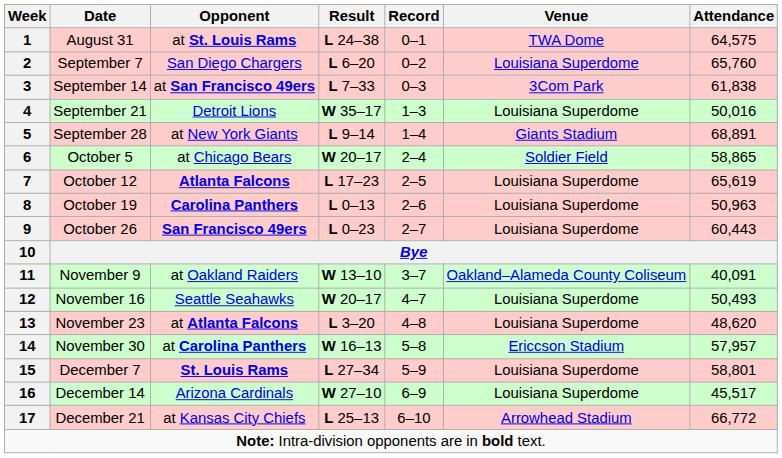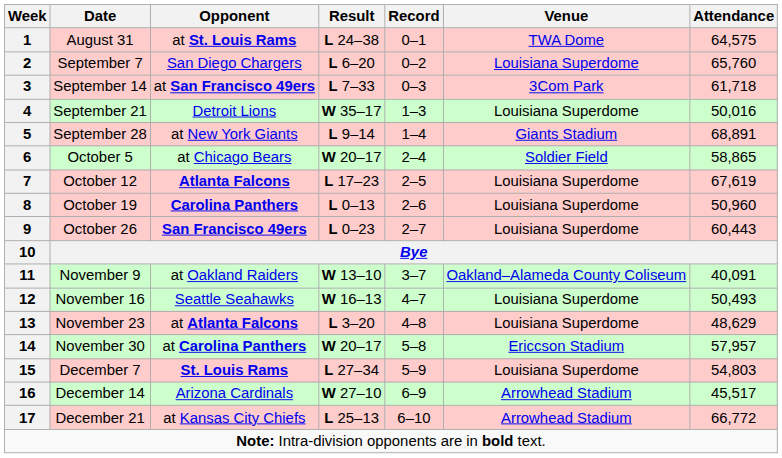 <table class="wikitable"  style="text-align: center;">
 <tr>
 <th>Week</th>
 <th>Date</th>
 <th>Opponent</th>
 <th>Result</th>
 <th>Record</th>
 <th>Venue</th>
 <th>Attendance</th>
 </tr>
 <tr style="background:#fcc">
 <th>1</th>
 <td>August 31</td>
 <td>at <strong><a href='#'>St. Louis Rams</a></strong></td>
 <td><strong>L</strong> 24–38</td>
 <td>0–1</td>
 <td><a href='#'>TWA Dome</a></td>
 <td>64,575</td>
 </tr>
 <tr style="background:#fcc">
 <th>2</th>
 <td>September 7</td>
 <td><a href='#'>San Diego Chargers</a></td>
 <td><strong>L</strong> 6–20</td>
 <td>0–2</td>
 <td><a href='#'>Louisiana Superdome</a></td>
 <td>65,760</td>
 </tr>
 <tr style="background:#fcc">
 <th>3</th>
 <td>September 14</td>
 <td>at <strong><a href='#'>San Francisco 49ers</a></strong></td>
 <td><strong>L</strong> 7–33</td>
 <td>0–3</td>
 <td><a href='#'>3Com Park</a></td>
-<td>61,838</td>
+<td>61,718</td>
 </tr>
 <tr style="background:#cfc">
 <th>4</th>
 <td>September 21</td>
 <td><a href='#'>Detroit Lions</a></td>
 <td><strong>W</strong> 35–17</td>
 <td>1–3</td>
 <td>Louisiana Superdome</td>
 <td>50,016</td>
 </tr>
 <tr style="background:#fcc">
 <th>5</th>
 <td>September 28</td>
 <td>at <a href='#'>New York Giants</a></td>
 <td><strong>L</strong> 9–14</td>
 <td>1–4</td>
 <td><a href='#'>Giants Stadium</a></td>
 <td>68,891</td>
 </tr>
 <tr style="background:#cfc">
 <th>6</th>
 <td>October 5</td>
 <td>at <a href='#'>Chicago Bears</a></td>
 <td><strong>W</strong> 20–17</td>
 <td>2–4</td>
 <td><a href='#'>Soldier Field</a></td>
 <td>58,865</td>
 </tr>
 <tr style="background:#fcc">
 <th>7</th>
 <td>October 12</td>
 <td><strong><a href='#'>Atlanta Falcons</a></strong></td>
 <td><strong>L</strong> 17–23</td>
 <td>2–5</td>
 <td>Louisiana Superdome</td>
-<td>65,619</td>
+<td>67,619</td>
 </tr>
 <tr style="background:#fcc">
 <th>8</th>
 <td>October 19</td>
 <td><strong><a href='#'>Carolina Panthers</a></strong></td>
 <td><strong>L</strong> 0–13</td>
 <td>2–6</td>
 <td>Louisiana Superdome</td>
-<td>50,963</td>
+<td>50,960</td>
 </tr>
 <tr style="background:#fcc">
 <th>9</th>
 <td>October 26</td>
 <td><strong><a href='#'>San Francisco 49ers</a></strong></td>
 <td><strong>L</strong> 0–23</td>
 <td>2–7</td>
 <td>Louisiana Superdome</td>
 <td>60,443</td>
 </tr>
 <tr>
 <th>10</th>
 <th colspan="6"><em><a href='#'>Bye</a></em></th>
 </tr>
 <tr style="background:#cfc">
 <th>11</th>
 <td>November 9</td>
 <td>at <a href='#'>Oakland Raiders</a></td>
 <td><strong>W</strong> 13–10</td>
 <td>3–7</td>
 <td><a href='#'>Oakland–Alameda County Coliseum</a></td>
 <td>40,091</td>
 </tr>
 <tr style="background:#cfc">
 <th>12</th>
 <td>November 16</td>
 <td><a href='#'>Seattle Seahawks</a></td>
-<td><strong>W</strong> 20–17 </td>
+<td><strong>W</strong> 16–13</td>
 <td>4–7</td>
 <td>Louisiana Superdome</td>
 <td>50,493</td>
 </tr>
 <tr style="background:#fcc">
 <th>13</th>
 <td>November 23</td>
 <td>at <strong><a href='#'>Atlanta Falcons</a></strong></td>
 <td><strong>L</strong> 3–20</td>
 <td>4–8</td>
 <td>Louisiana Superdome</td>
-<td>48,620</td>
+<td>48,629</td>
 </tr>
 <tr style="background:#cfc">
 <th>14</th>
 <td>November 30</td>
 <td>at <strong><a href='#'>Carolina Panthers</a></strong></td>
-<td><strong>W</strong> 16–13</td>
+<td><strong>W</strong> 20–17 </td>
 <td>5–8</td>
 <td><a href='#'>Ericcson Stadium</a></td>
 <td>57,957</td>
 </tr>
 <tr style="background:#fcc">
 <th>15</th>
 <td>December 7</td>
 <td><strong><a href='#'>St. Louis Rams</a></strong></td>
 <td><strong>L</strong> 27–34</td>
 <td>5–9</td>
 <td>Louisiana Superdome</td>
-<td>58,801</td>
+<td>54,803</td>
 </tr>
 <tr style="background:#cfc">
 <th>16</th>
 <td>December 14</td>
 <td><a href='#'>Arizona Cardinals</a></td>
 <td><strong>W</strong> 27–10</td>
 <td>6–9</td>
-<td>Louisiana Superdome</td>
+<td><a href='#'>Arrowhead Stadium</a></td>
 <td>45,517</td>
 </tr>
 <tr style="background:#fcc">
 <th>17</th>
 <td>December 21</td>
 <td>at <a href='#'>Kansas City Chiefs</a></td>
 <td><strong>L</strong> 25–13</td>
 <td>6–10</td>
 <td><a href='#'>Arrowhead Stadium</a></td>
 <td>66,772</td>
 </tr>
 <tr>
 <td colspan="8"><strong>Note:</strong> Intra-division opponents are in <strong>bold</strong> text.</td>
 </tr>
 </table>
